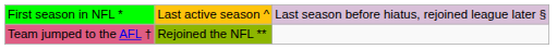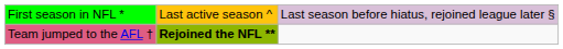 <table class="wikitable">
 <tr>
 <td style="background-color:#00FF00;">First season in NFL *</td>
 <td style="background-color:#FFC40C;">Last active season ^</td>
 <td style="background-color:#D8BFD8;">Last season before hiatus, rejoined league later §</td>
 </tr>
 <tr>
 <td style="background-color:#DE5D83;">Team jumped to the <a href='#'><span>AFL</span></a> †</td>
-<td style="background-color:#8DB600;">Rejoined the NFL **</td>
+<td style="background-color:#8DB600;"><strong>Rejoined the NFL **</strong></td>
 <td></td>
 </tr>
 </table>
